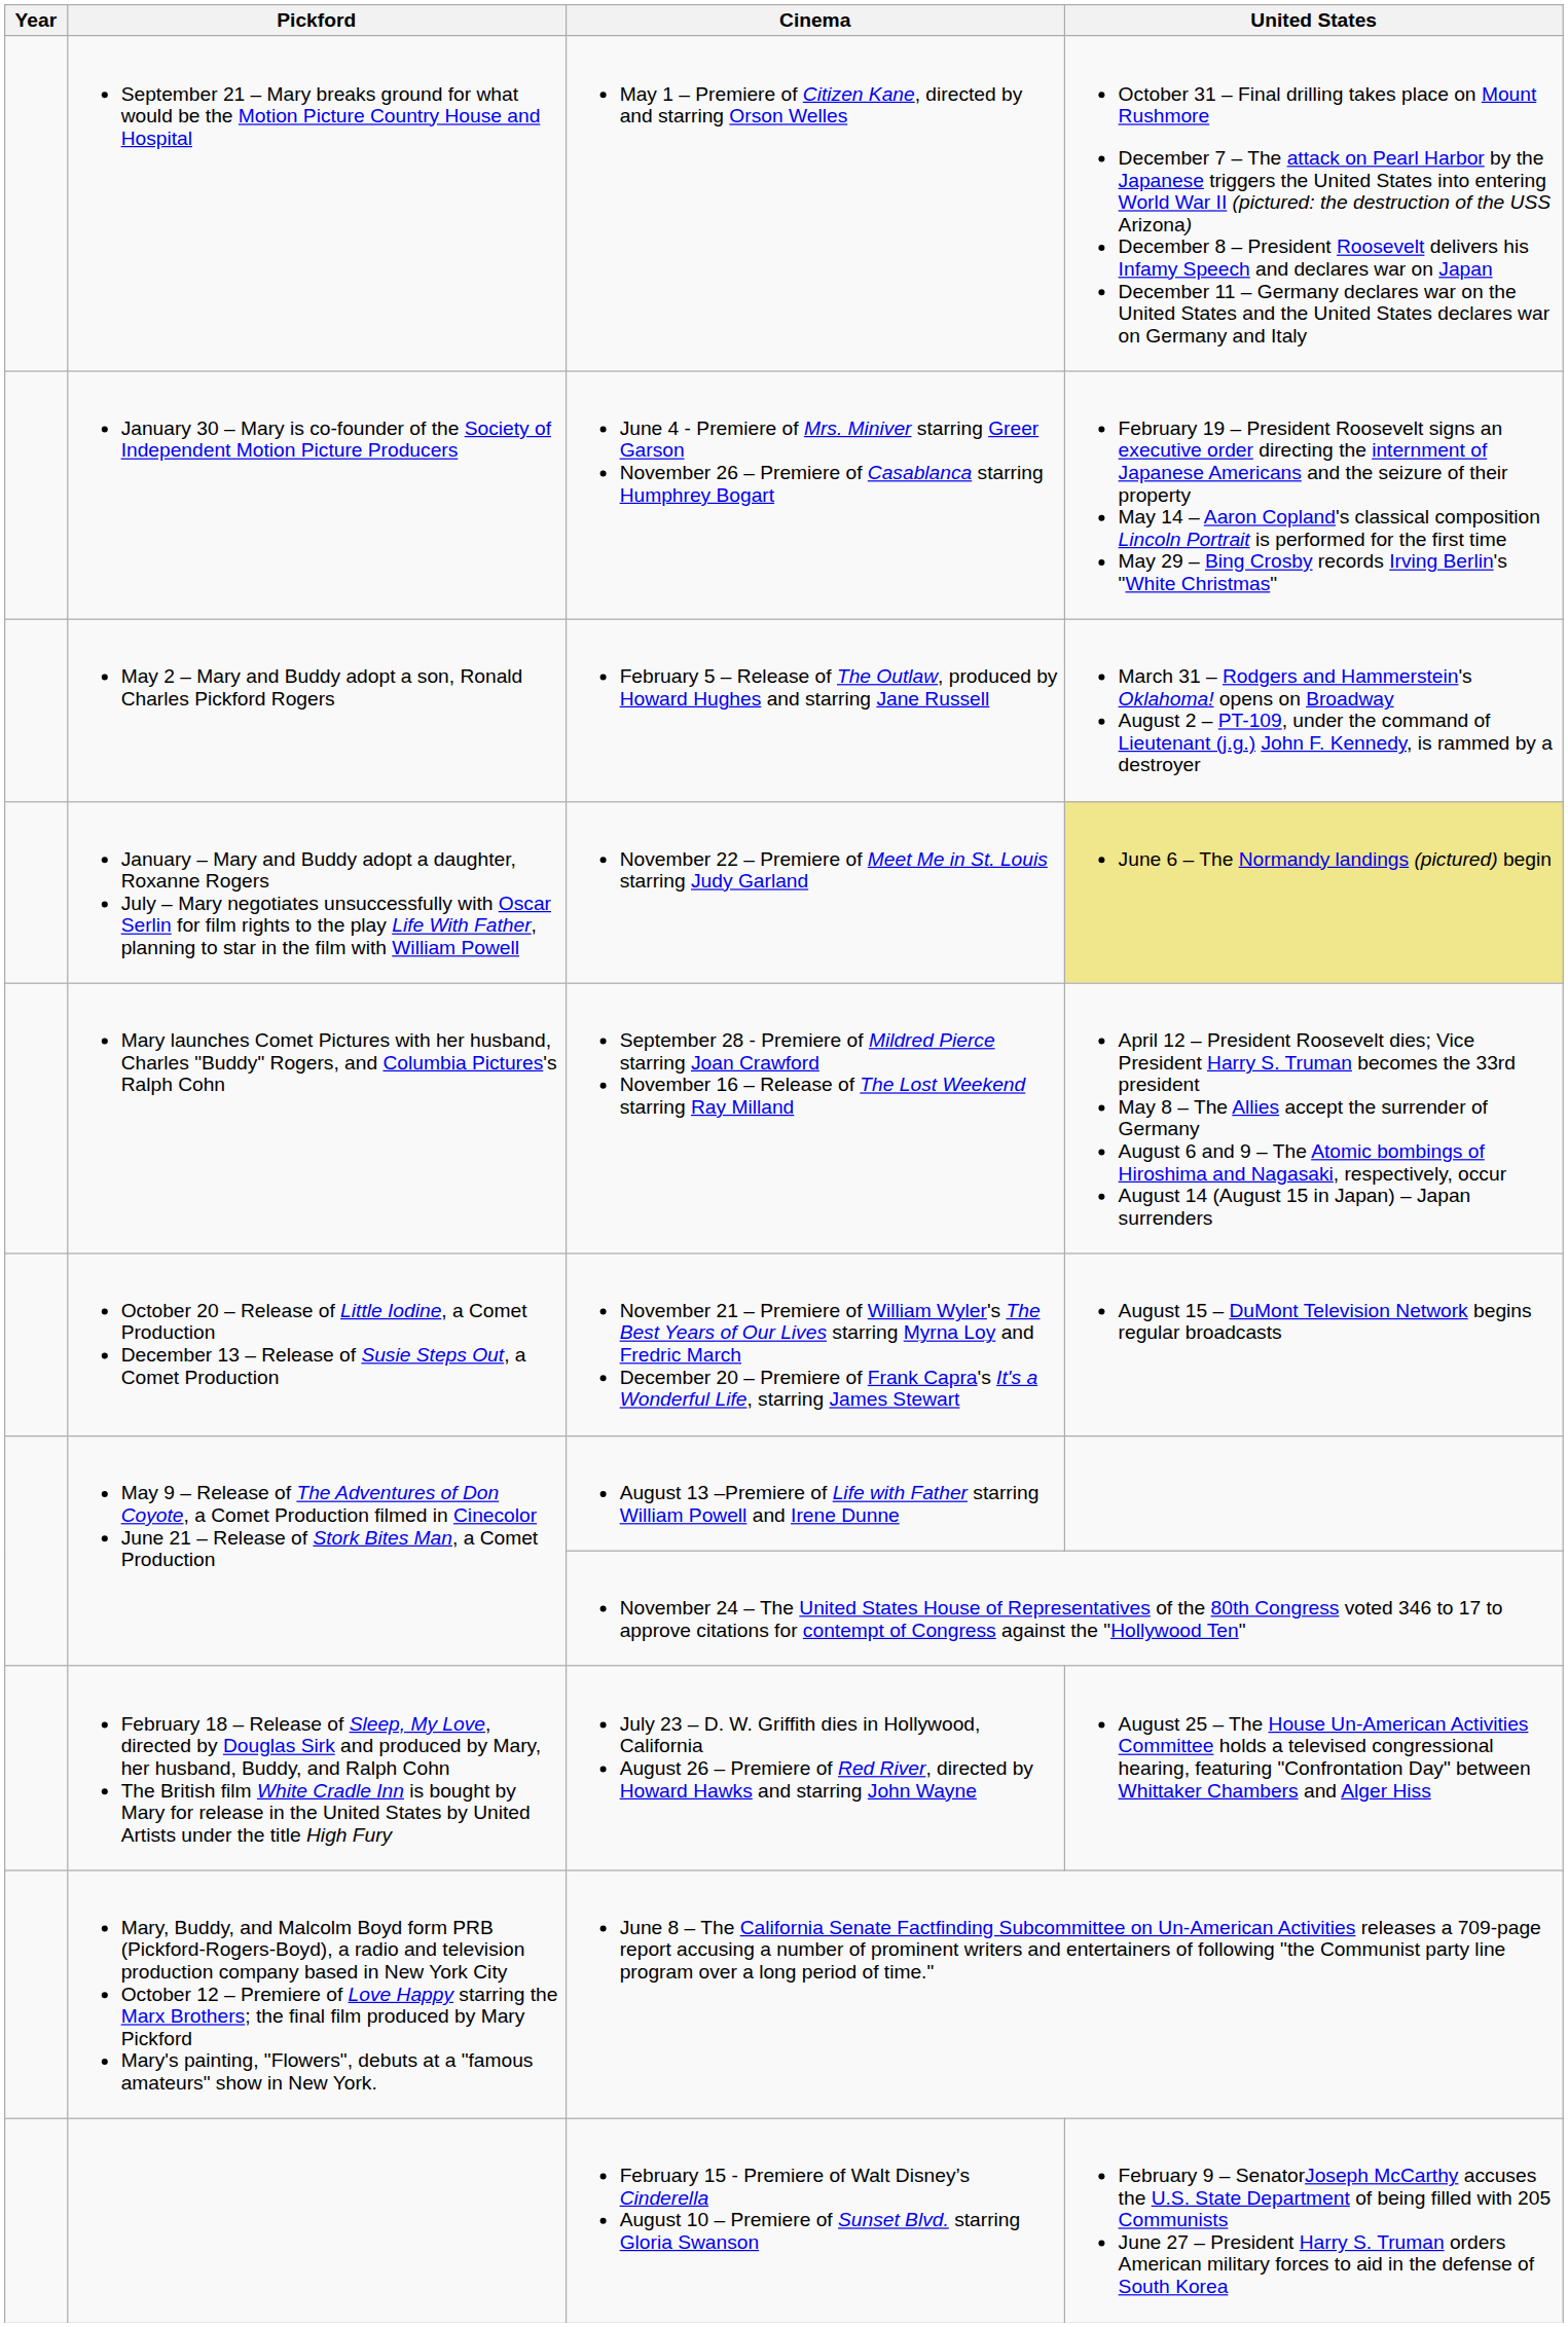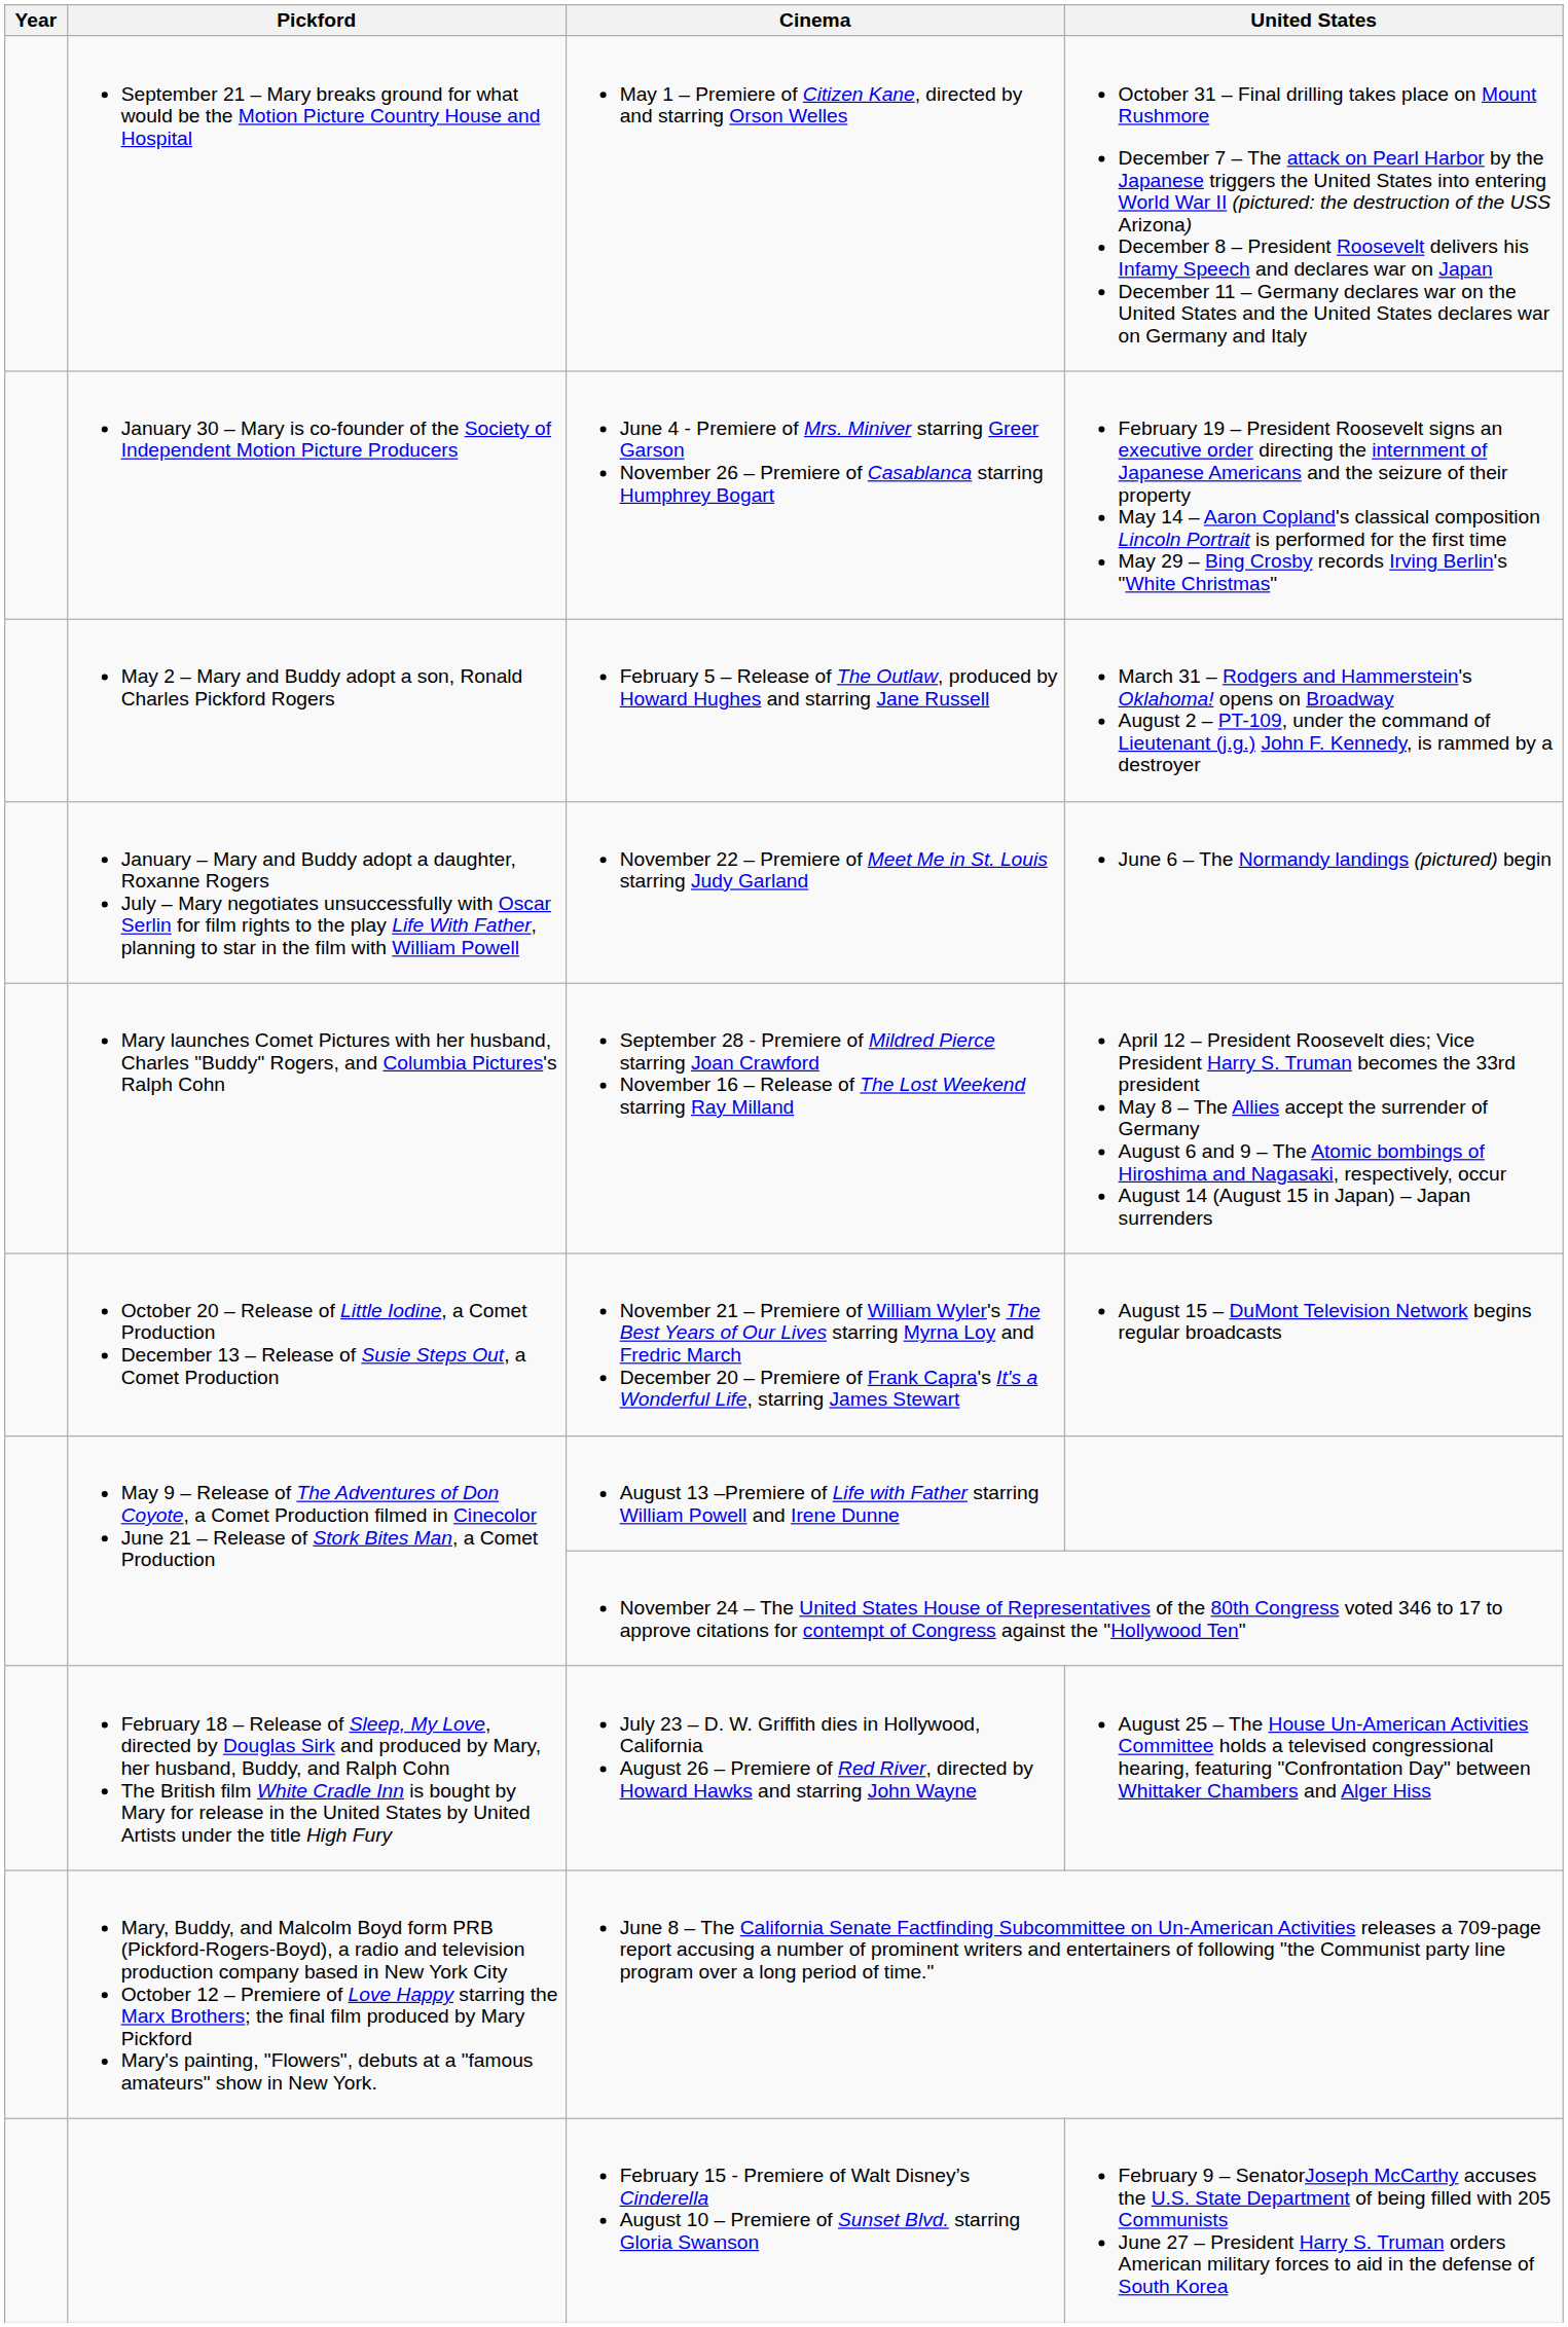 <table class="wikitable sticky-header" width=100%>
 <tr>
 <th width=4%>Year</th>
 <th width=32%>Pickford</th>
 <th width=32%>Cinema</th>
 <th width=32%>United States</th>
 </tr>
 <tr valign=top>
 <td><br></td>
 <td><br><ul><li>September 21 – Mary breaks ground for what would be the <a href='#'>Motion Picture Country House and Hospital</a></li></ul></td>
 <td><br><ul><li>May 1 – Premiere of <em><a href='#'>Citizen Kane</a></em>, directed by and starring <a href='#'>Orson Welles</a></li></ul></td>
 <td><br><ul><li>October 31 – Final drilling takes place on <a href='#'>Mount Rushmore</a></li></ul><ul><li>December 7 – The <a href='#'>attack on Pearl Harbor</a> by the <a href='#'>Japanese</a> triggers the United States into entering <a href='#'>World War II</a> <em>(pictured: the destruction of the USS</em> Arizona<em>)</em></li><li>December 8 – President <a href='#'>Roosevelt</a> delivers his <a href='#'>Infamy Speech</a> and declares war on <a href='#'>Japan</a></li><li>December 11 – Germany declares war on the United States and the United States declares war on Germany and Italy</li></ul></td>
 </tr>
 <tr valign=top>
 <td><br></td>
 <td><br><ul><li>January 30 – Mary is co-founder of the <a href='#'>Society of Independent Motion Picture Producers</a></li></ul></td>
 <td><br><ul><li>June 4 - Premiere of <em><a href='#'>Mrs. Miniver</a></em> starring <a href='#'>Greer Garson</a></li><li>November 26 – Premiere of <em><a href='#'>Casablanca</a></em> starring <a href='#'>Humphrey Bogart</a></li></ul></td>
 <td><br><ul><li>February 19 – President Roosevelt signs an <a href='#'>executive order</a> directing the <a href='#'>internment of Japanese Americans</a> and the seizure of their property</li><li>May 14 – <a href='#'>Aaron Copland</a>'s classical composition <em><a href='#'>Lincoln Portrait</a></em> is performed for the first time</li><li>May 29 – <a href='#'>Bing Crosby</a> records <a href='#'>Irving Berlin</a>'s "<a href='#'>White Christmas</a>"</li></ul></td>
 </tr>
 <tr valign=top>
 <td><br></td>
 <td><br><ul><li>May 2 – Mary and Buddy adopt a son, Ronald Charles Pickford Rogers</li></ul></td>
 <td><br><ul><li>February 5 – Release of <em><a href='#'>The Outlaw</a></em>, produced by <a href='#'>Howard Hughes</a> and starring <a href='#'>Jane Russell</a></li></ul></td>
 <td><br><ul><li>March 31 – <a href='#'>Rodgers and Hammerstein</a>'s <em><a href='#'>Oklahoma!</a></em> opens on <a href='#'>Broadway</a></li><li>August 2 – <a href='#'>PT-109</a>, under the command of <a href='#'>Lieutenant (j.g.)</a> <a href='#'>John F. Kennedy</a>, is rammed by a destroyer</li></ul></td>
 </tr>
 <tr valign=top>
 <td><br></td>
 <td><br><ul><li>January – Mary and Buddy adopt a daughter, Roxanne Rogers</li><li>July – Mary negotiates unsuccessfully with <a href='#'>Oscar Serlin</a> for film rights to the play <em><a href='#'>Life With Father</a></em>, planning to star in the film with <a href='#'>William Powell</a></li></ul></td>
 <td><br><ul><li>November 22 – Premiere of <em><a href='#'>Meet Me in St. Louis</a></em> starring <a href='#'>Judy Garland</a></li></ul></td>
-<td style="background: khaki;"><br><ul><li>June 6 – The <a href='#'>Normandy landings</a> <em>(pictured)</em> begin</li></ul></td>
+<td><br><ul><li>June 6 – The <a href='#'>Normandy landings</a> <em>(pictured)</em> begin</li></ul></td>
 </tr>
 <tr valign=top>
 <td><br></td>
 <td><br><ul><li>Mary launches Comet Pictures with her husband, Charles "Buddy" Rogers, and <a href='#'>Columbia Pictures</a>'s Ralph Cohn</li></ul></td>
 <td><br><ul><li>September 28 - Premiere of <em><a href='#'>Mildred Pierce</a></em> starring <a href='#'>Joan Crawford</a></li><li>November 16 – Release of <em><a href='#'>The Lost Weekend</a></em> starring <a href='#'>Ray Milland</a></li></ul></td>
 <td><br><ul><li>April 12 – President Roosevelt dies; Vice President <a href='#'>Harry S. Truman</a> becomes the 33rd president</li><li>May 8 – The <a href='#'>Allies</a> accept the surrender of Germany</li><li>August 6 and 9 – The <a href='#'>Atomic bombings of Hiroshima and Nagasaki</a>, respectively, occur</li><li>August 14 (August 15 in Japan) – Japan surrenders</li></ul></td>
 </tr>
 <tr valign=top>
 <td><br></td>
 <td><br><ul><li>October 20 – Release of <em><a href='#'>Little Iodine</a></em>, a Comet Production</li><li>December 13 – Release of <em><a href='#'>Susie Steps Out</a></em>, a Comet Production</li></ul></td>
 <td><br><ul><li>November 21 – Premiere of <a href='#'>William Wyler</a>'s <em><a href='#'>The Best Years of Our Lives</a></em> starring <a href='#'>Myrna Loy</a> and <a href='#'>Fredric March</a></li><li>December 20 – Premiere of <a href='#'>Frank Capra</a>'s <em><a href='#'>It's a Wonderful Life</a></em>, starring <a href='#'>James Stewart</a></li></ul></td>
 <td><br><ul><li>August 15 – <a href='#'>DuMont Television Network</a> begins regular broadcasts</li></ul></td>
 </tr>
 <tr valign=top>
 <td rowspan=2><br></td>
 <td rowspan=2><br><ul><li>May 9 – Release of <em><a href='#'>The Adventures of Don Coyote</a></em>, a Comet Production filmed in <a href='#'>Cinecolor</a></li><li>June 21 – Release of <em><a href='#'>Stork Bites Man</a></em>, a Comet Production</li></ul></td>
 <td><br><ul><li>August 13 –Premiere of <em><a href='#'>Life with Father</a></em> starring <a href='#'>William Powell</a> and <a href='#'>Irene Dunne</a></li></ul></td>
 <td></td>
 </tr>
 <tr>
 <td valign=top colspan=2><br><ul><li>November 24 – The <a href='#'>United States House of Representatives</a> of the <a href='#'>80th Congress</a> voted 346 to 17 to approve citations for <a href='#'>contempt of Congress</a> against the "<a href='#'>Hollywood Ten</a>"</li></ul></td>
 </tr>
 <tr valign=top>
 <td><br></td>
 <td><br><ul><li>February 18 – Release of <em><a href='#'>Sleep, My Love</a></em>, directed by <a href='#'>Douglas Sirk</a> and produced by Mary, her husband, Buddy, and Ralph Cohn</li><li>The British film <em><a href='#'>White Cradle Inn</a></em> is bought by Mary for release in the United States by United Artists under the title <em>High Fury</em></li></ul></td>
 <td><br><ul><li>July 23 – D. W. Griffith dies in Hollywood, California</li><li>August 26 – Premiere of <em><a href='#'>Red River</a></em>, directed by <a href='#'>Howard Hawks</a> and starring <a href='#'>John Wayne</a></li></ul></td>
 <td><br><ul><li>August 25 – The <a href='#'>House Un-American Activities Committee</a> holds a televised congressional hearing, featuring "Confrontation Day" between <a href='#'>Whittaker Chambers</a> and <a href='#'>Alger Hiss</a></li></ul></td>
 </tr>
 <tr valign=top>
 <td><br></td>
 <td><br><ul><li>Mary, Buddy, and Malcolm Boyd form PRB (Pickford-Rogers-Boyd), a radio and television production company based in New York City</li><li>October 12 – Premiere of <em><a href='#'>Love Happy</a></em> starring the <a href='#'>Marx Brothers</a>; the final film produced by Mary Pickford</li><li>Mary's painting, "Flowers", debuts at a "famous amateurs" show in New York.</li></ul></td>
 <td colspan=2><br><ul><li>June 8 – The <a href='#'>California Senate Factfinding Subcommittee on Un-American Activities</a> releases a 709-page report accusing a number of prominent writers and entertainers of following "the Communist party line program over a long period of time."</li></ul></td>
 </tr>
 <tr valign=top>
 <td><br></td>
 <td></td>
 <td><br><ul><li>February 15 - Premiere of Walt Disney’s <em><a href='#'>Cinderella</a></em></li><li>August 10 – Premiere of <em><a href='#'>Sunset Blvd.</a></em> starring <a href='#'>Gloria Swanson</a></li></ul></td>
 <td><br><ul><li>February 9 – Senator<a href='#'>Joseph McCarthy</a> accuses the <a href='#'>U.S. State Department</a> of being filled with 205 <a href='#'>Communists</a></li><li>June 27 – President <a href='#'>Harry S. Truman</a> orders American military forces to aid in the defense of <a href='#'>South Korea</a></li></ul></td>
 </tr>
 </table>
